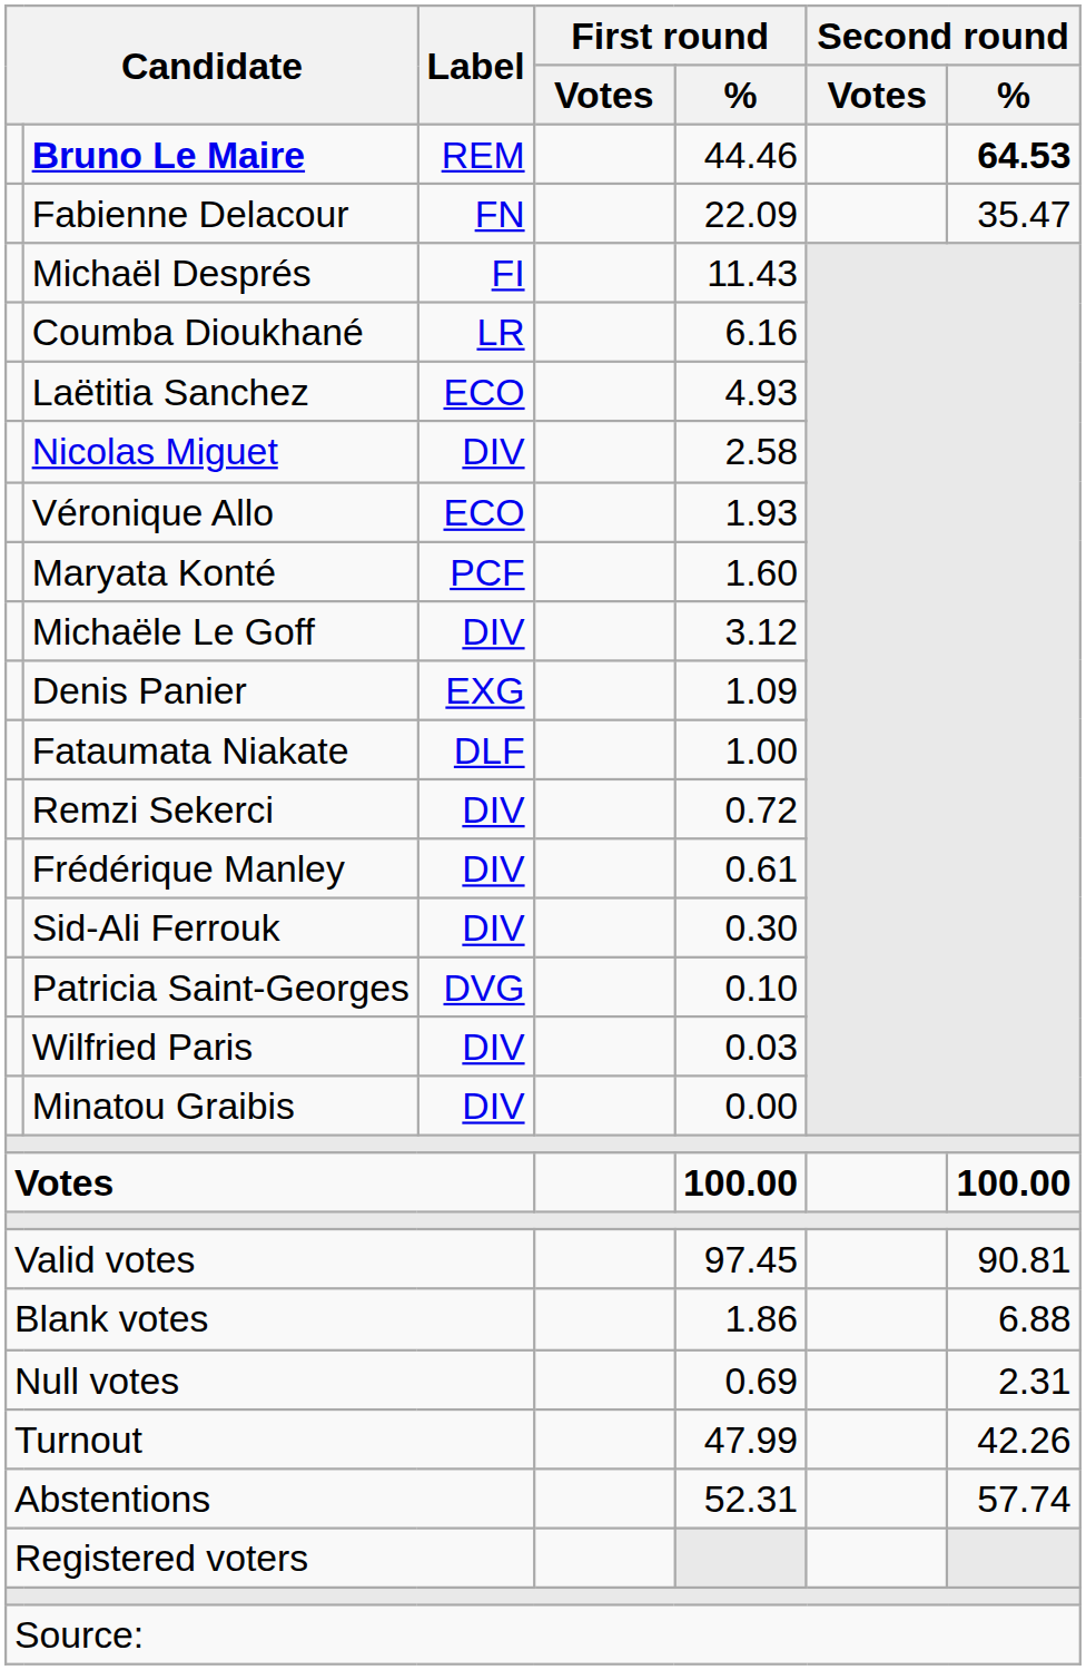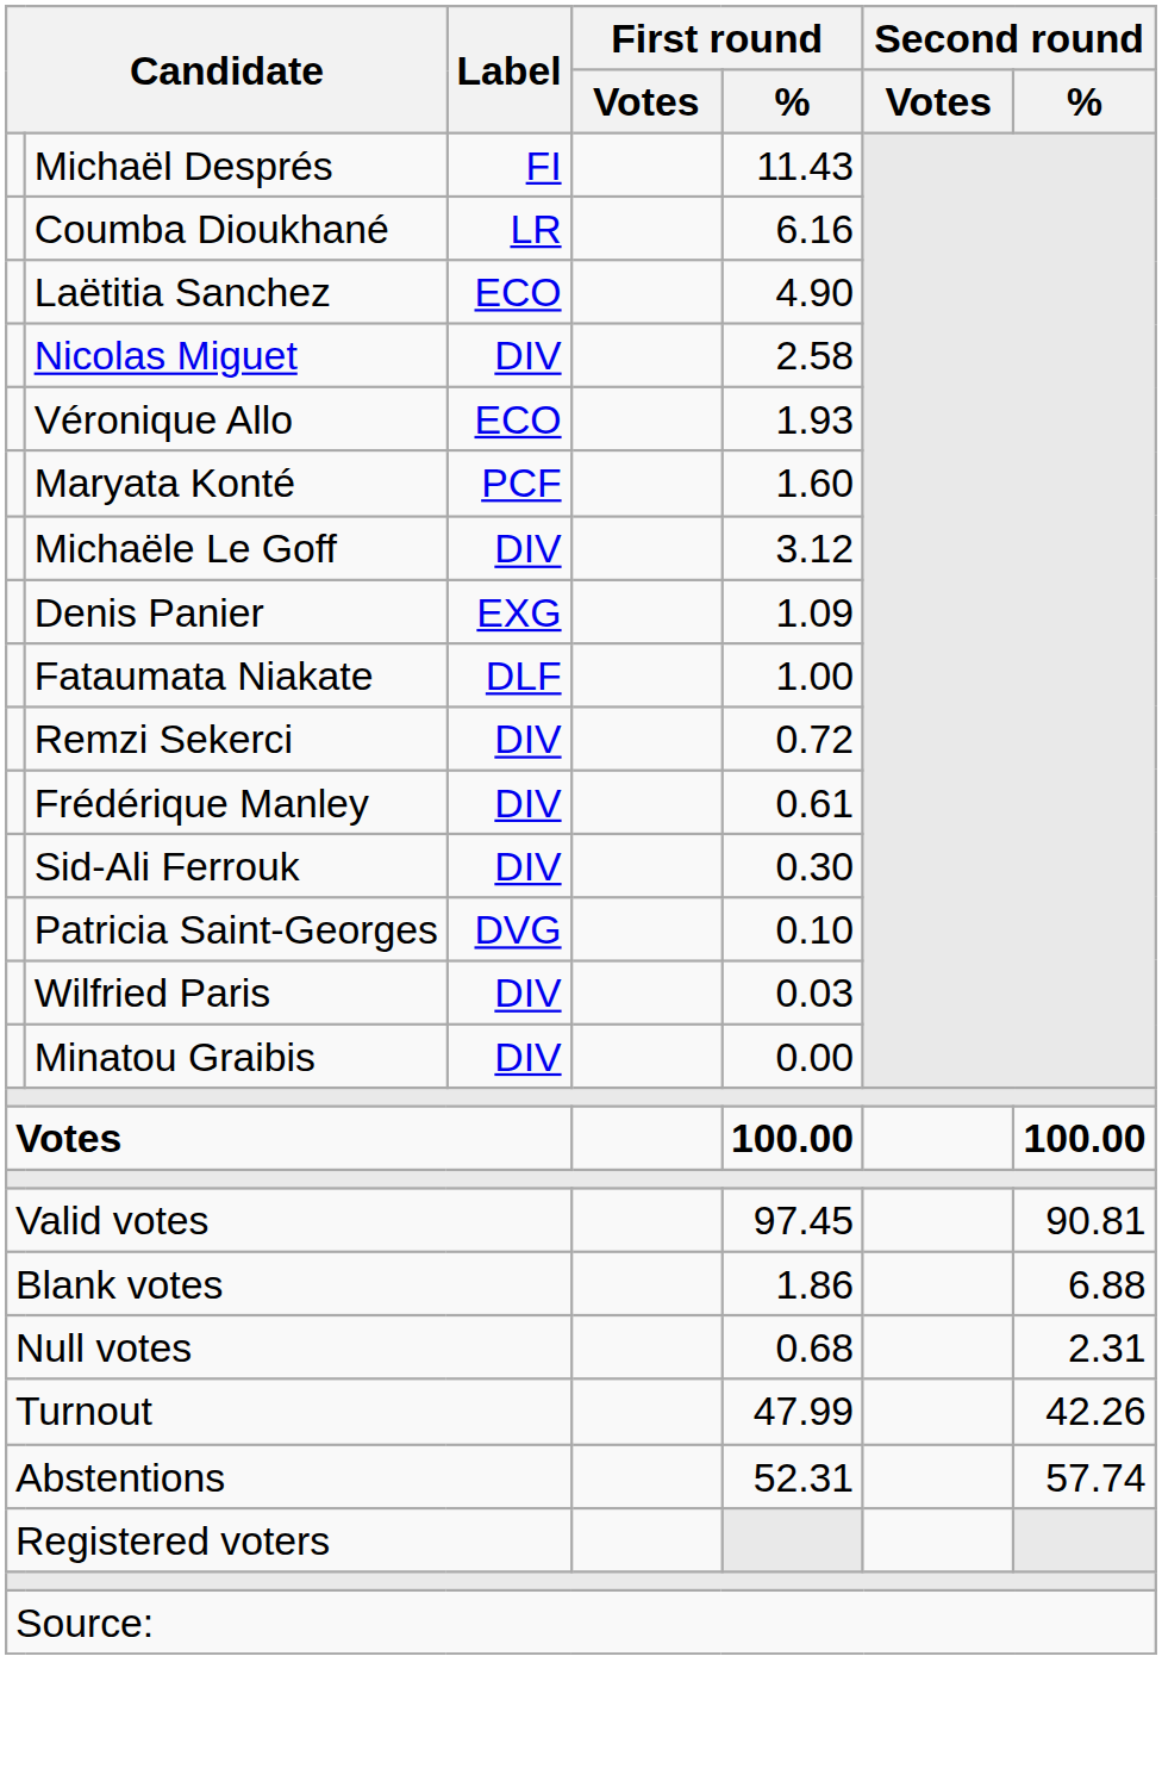 <table class="wikitable" style="text-align:right;font-size:95%;">
 <tr>
 <th rowspan="2" colspan="2">Candidate</th>
 <th rowspan="2">Label</th>
 <th colspan="2">First round</th>
 <th colspan="2">Second round</th>
 </tr>
 <tr>
 <th style="width:50px;">Votes</th>
 <th style="width:45px;">%</th>
 <th style="width:50px;">Votes</th>
 <th style="width:45px;">%</th>
-</tr>
-<tr>
-<td style="color:inherit;background:"></td>
-<td style="text-align:left;"><strong><a href='#'>Bruno Le Maire</a></strong></td>
-<td><a href='#'>REM</a></td>
-<td></td>
-<td>44.46</td>
-<td><strong></strong></td>
-<td><strong>64.53</strong></td>
-</tr>
-<tr>
-<td style="color:inherit;background:"></td>
-<td style="text-align:left;">Fabienne Delacour</td>
-<td><a href='#'>FN</a></td>
-<td></td>
-<td>22.09</td>
-<td></td>
-<td>35.47</td>
 </tr>
 <tr>
 <td style="color:inherit;background:"></td>
 <td style="text-align:left;">Michaël Després</td>
 <td><a href='#'>FI</a></td>
 <td></td>
 <td>11.43</td>
 <td colspan="2" rowspan="15" style="background:#E9E9E9;"></td>
 </tr>
 <tr>
 <td style="color:inherit;background:"></td>
 <td style="text-align:left;">Coumba Dioukhané</td>
 <td><a href='#'>LR</a></td>
 <td></td>
 <td>6.16</td>
 </tr>
 <tr>
 <td style="color:inherit;background:"></td>
 <td style="text-align:left;">Laëtitia Sanchez</td>
 <td><a href='#'>ECO</a></td>
 <td></td>
-<td>4.93</td>
+<td>4.90</td>
 </tr>
 <tr>
 <td style="color:inherit;background:"></td>
 <td style="text-align:left;"><a href='#'>Nicolas Miguet</a></td>
 <td><a href='#'>DIV</a></td>
 <td></td>
 <td>2.58</td>
 </tr>
 <tr>
 <td style="color:inherit;background:"></td>
 <td style="text-align:left;">Véronique Allo</td>
 <td><a href='#'>ECO</a></td>
 <td></td>
 <td>1.93</td>
 </tr>
 <tr>
 <td style="color:inherit;background:"></td>
 <td style="text-align:left;">Maryata Konté</td>
 <td><a href='#'>PCF</a></td>
 <td></td>
 <td>1.60</td>
 </tr>
 <tr>
 <td style="color:inherit;background:"></td>
 <td style="text-align:left;">Michaële Le Goff</td>
 <td><a href='#'>DIV</a></td>
 <td></td>
 <td>3.12</td>
 </tr>
 <tr>
 <td style="color:inherit;background:"></td>
 <td style="text-align:left;">Denis Panier</td>
 <td><a href='#'>EXG</a></td>
 <td></td>
 <td>1.09</td>
 </tr>
 <tr>
 <td style="color:inherit;background:"></td>
 <td style="text-align:left;">Fataumata Niakate</td>
 <td><a href='#'>DLF</a></td>
 <td></td>
 <td>1.00</td>
 </tr>
 <tr>
 <td style="color:inherit;background:"></td>
 <td style="text-align:left;">Remzi Sekerci</td>
 <td><a href='#'>DIV</a></td>
 <td></td>
 <td>0.72</td>
 </tr>
 <tr>
 <td style="color:inherit;background:"></td>
 <td style="text-align:left;">Frédérique Manley</td>
 <td><a href='#'>DIV</a></td>
 <td></td>
 <td>0.61</td>
 </tr>
 <tr>
 <td style="color:inherit;background:"></td>
 <td style="text-align:left;">Sid-Ali Ferrouk</td>
 <td><a href='#'>DIV</a></td>
 <td></td>
 <td>0.30</td>
 </tr>
 <tr>
 <td style="color:inherit;background:"></td>
 <td style="text-align:left;">Patricia Saint-Georges</td>
 <td><a href='#'>DVG</a></td>
 <td></td>
 <td>0.10</td>
 </tr>
 <tr>
 <td style="color:inherit;background:"></td>
 <td style="text-align:left;">Wilfried Paris</td>
 <td><a href='#'>DIV</a></td>
 <td></td>
 <td>0.03</td>
 </tr>
 <tr>
 <td style="color:inherit;background:"></td>
 <td style="text-align:left;">Minatou Graibis</td>
 <td><a href='#'>DIV</a></td>
 <td></td>
 <td>0.00</td>
 </tr>
 <tr>
 <td colspan="7" style="background:#E9E9E9;"></td>
 </tr>
 <tr style="font-weight:bold;">
 <td colspan="3" style="text-align:left;">Votes</td>
 <td></td>
 <td>100.00</td>
 <td></td>
 <td>100.00</td>
 </tr>
 <tr>
 <td colspan="7" style="background:#E9E9E9;"></td>
 </tr>
 <tr>
 <td colspan="3" style="text-align:left;">Valid votes</td>
 <td></td>
 <td>97.45</td>
 <td></td>
 <td>90.81</td>
 </tr>
 <tr>
 <td colspan="3" style="text-align:left;">Blank votes</td>
 <td></td>
 <td>1.86</td>
 <td></td>
 <td>6.88</td>
 </tr>
 <tr>
 <td colspan="3" style="text-align:left;">Null votes</td>
 <td></td>
-<td>0.69</td>
+<td>0.68</td>
 <td></td>
 <td>2.31</td>
 </tr>
 <tr>
 <td colspan="3" style="text-align:left;">Turnout</td>
 <td></td>
 <td>47.99</td>
 <td></td>
 <td>42.26</td>
 </tr>
 <tr>
 <td colspan="3" style="text-align:left;">Abstentions</td>
 <td></td>
 <td>52.31</td>
 <td></td>
 <td>57.74</td>
 </tr>
 <tr>
 <td colspan="3" style="text-align:left;">Registered voters</td>
 <td></td>
 <td style="background:#E9E9E9;"></td>
 <td></td>
 <td style="background:#E9E9E9;"></td>
 </tr>
 <tr>
 <td colspan="7" style="background:#E9E9E9;"></td>
 </tr>
 <tr>
 <td colspan="7" style="text-align:left;">Source: </td>
 </tr>
 </table>
